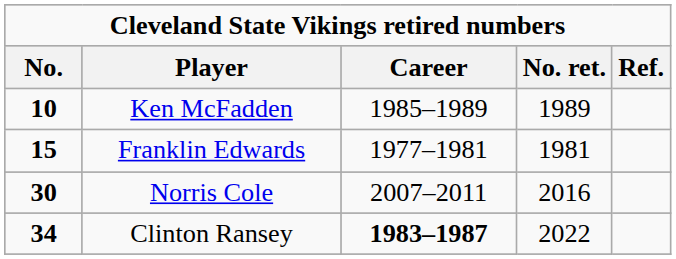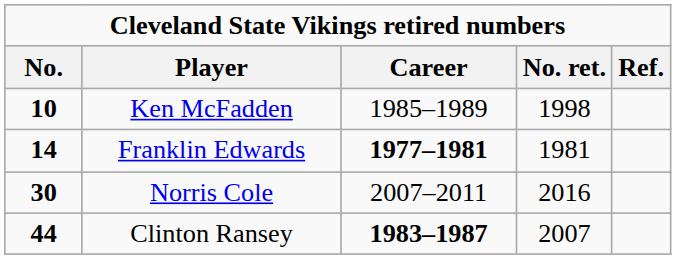 <table class="wikitable sortable" style="text-align:center">
 <tr>
 <td colspan=6><strong>Cleveland State Vikings retired numbers</strong></td>
 </tr>
 <tr>
 <th width=40px>No.</th>
 <th width=150px>Player</th>
 <th width=100px>Career</th>
 <th width=0px>No. ret.</th>
 <th width=px>Ref.</th>
 </tr>
 <tr>
 <td><strong>10</strong></td>
 <td><a href='#'>Ken McFadden</a></td>
 <td>1985–1989</td>
-<td>1989</td>
+<td>1998</td>
 <td></td>
 </tr>
 <tr>
-<td><strong>15</strong></td>
+<td><strong>14</strong></td>
 <td><a href='#'>Franklin Edwards</a></td>
-<td>1977–1981</td>
+<td><strong>1977–1981</strong></td>
 <td>1981</td>
 <td></td>
 </tr>
 <tr>
 <td><strong>30</strong></td>
 <td><a href='#'>Norris Cole</a></td>
 <td>2007–2011</td>
 <td>2016</td>
 <td></td>
 </tr>
 <tr>
-<td><strong>34</strong></td>
+<td><strong>44</strong></td>
 <td>Clinton Ransey</td>
 <td><strong>1983–1987</strong></td>
-<td>2022</td>
+<td>2007</td>
 <td></td>
 </tr>
 </table>
